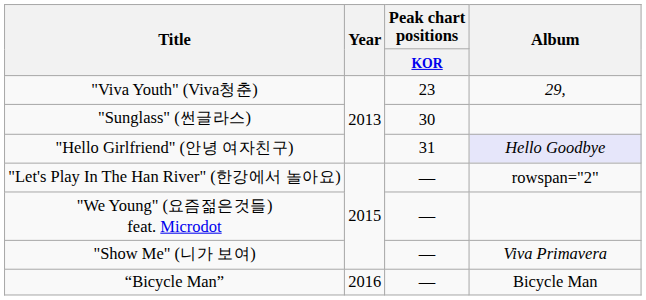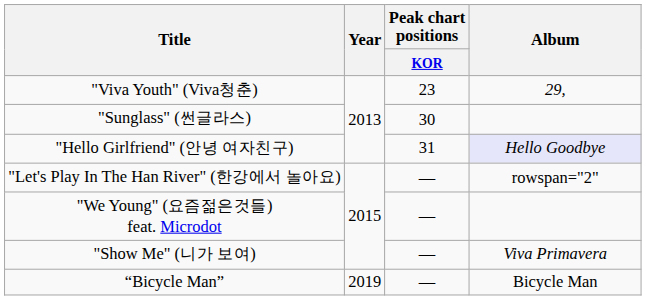 <table class="wikitable plainrowheaders" style="text-align:center;" border="1">
 <tr>
 <th scope="col" rowspan="2">Title</th>
 <th scope="col" rowspan="2">Year</th>
 <th scope="col" colspan="1">Peak chart <br> positions</th>
 <th scope="col" rowspan="2" style="width:10em;">Album</th>
 </tr>
 <tr>
 <th><small><a href='#'>KOR</a></small><br></th>
 </tr>
 <tr>
 <td>"Viva Youth" (Viva청춘)</td>
 <td rowspan="3">2013</td>
 <td>23</td>
 <td><em>29,</em></td>
 </tr>
 <tr>
 <td>"Sunglass" (썬글라스)</td>
 <td>30</td>
 <td></td>
 </tr>
 <tr>
 <td>"Hello Girlfriend" (안녕 여자친구)</td>
 <td>31</td>
 <td style="background: lavender;"><em>Hello Goodbye</em></td>
 </tr>
 <tr>
 <td>"Let's Play In The Han River" (한강에서 놀아요)</td>
 <td rowspan="3">2015</td>
 <td>—</td>
 <td>rowspan="2" </td>
 </tr>
 <tr>
 <td>"We Young" (요즘젊은것들) <br> feat. <a href='#'>Microdot</a></td>
 <td>—</td>
 </tr>
 <tr>
 <td>"Show Me" (니가 보여)</td>
 <td>—</td>
 <td><em>Viva Primavera</em></td>
 </tr>
 <tr>
 <td>“Bicycle Man”</td>
-<td rowspan=“3”>2016</td>
+<td rowspan=“3”>2019</td>
 <td>—</td>
 <td colspan="5" align="center">Bicycle Man</td>
 </tr>
 </table>
